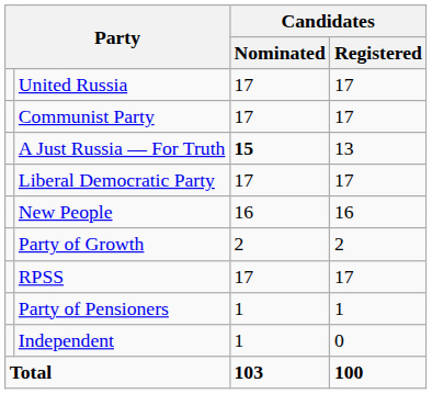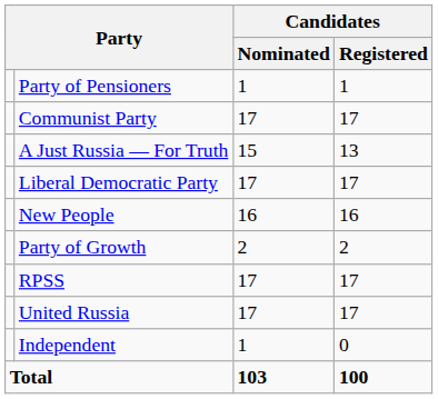 <table class="wikitable sortable" style="background: #f9f9f9; text-align:left; font-size: 95%">
 <tr>
 <th align=center rowspan=2 colspan=2>Party</th>
 <th align=center colspan=2>Candidates</th>
 </tr>
 <tr>
 <th align=center>Nominated</th>
 <th align=center>Registered</th>
 </tr>
 <tr>
 <td></td>
-<td><a href='#'>United Russia</a></td>
-<td>17</td>
-<td>17</td>
+<td><a href='#'>Party of Pensioners</a></td>
+<td>1</td>
+<td>1</td>
 </tr>
 <tr>
 <td></td>
 <td><a href='#'>Communist Party</a></td>
 <td>17</td>
 <td>17</td>
 </tr>
 <tr>
 <td></td>
 <td><a href='#'>A Just Russia — For Truth</a></td>
-<td><strong>15</strong></td>
+<td>15</td>
 <td>13</td>
 </tr>
 <tr>
 <td></td>
 <td><a href='#'>Liberal Democratic Party</a></td>
 <td>17</td>
 <td>17</td>
 </tr>
 <tr>
 <td></td>
 <td><a href='#'>New People</a></td>
 <td>16</td>
 <td>16</td>
 </tr>
 <tr>
 <td></td>
 <td><a href='#'>Party of Growth</a></td>
 <td>2</td>
 <td>2</td>
 </tr>
 <tr>
 <td></td>
 <td><a href='#'>RPSS</a></td>
 <td>17</td>
 <td>17</td>
 </tr>
 <tr>
 <td></td>
-<td><a href='#'>Party of Pensioners</a></td>
-<td>1</td>
-<td>1</td>
+<td><a href='#'>United Russia</a></td>
+<td>17</td>
+<td>17</td>
 </tr>
 <tr>
 <td></td>
 <td><a href='#'>Independent</a></td>
 <td>1</td>
 <td>0</td>
 </tr>
 <tr>
 <td colspan=2><strong>Total</strong></td>
 <td><strong>103</strong></td>
 <td><strong>100</strong></td>
 </tr>
 </table>
